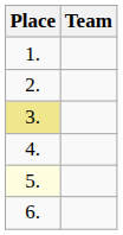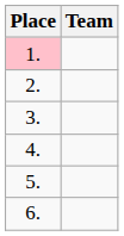 <table class="wikitable" style="text-align: center;">
 <tr>
 <th>Place</th>
 <th>Team</th>
 </tr>
 <tr>
-<td>1.</td>
+<td style="background: pink;">1.</td>
 <td style="text-align:left;"><strong></strong> </td>
 </tr>
 <tr>
 <td>2.</td>
 <td style="text-align:left;"><strong></strong> </td>
 </tr>
 <tr>
-<td style="background: khaki;">3.</td>
+<td>3.</td>
 <td style="text-align:left;"><strong></strong> </td>
 </tr>
 <tr>
 <td>4.</td>
 <td style="text-align:left;"><strong></strong> </td>
 </tr>
 <tr>
-<td style="background: lightyellow;">5.</td>
+<td>5.</td>
 <td style="text-align:left;"><strong></strong></td>
 </tr>
 <tr>
 <td>6.</td>
 <td style="text-align:left;"><strong></strong> </td>
 </tr>
 </table>
